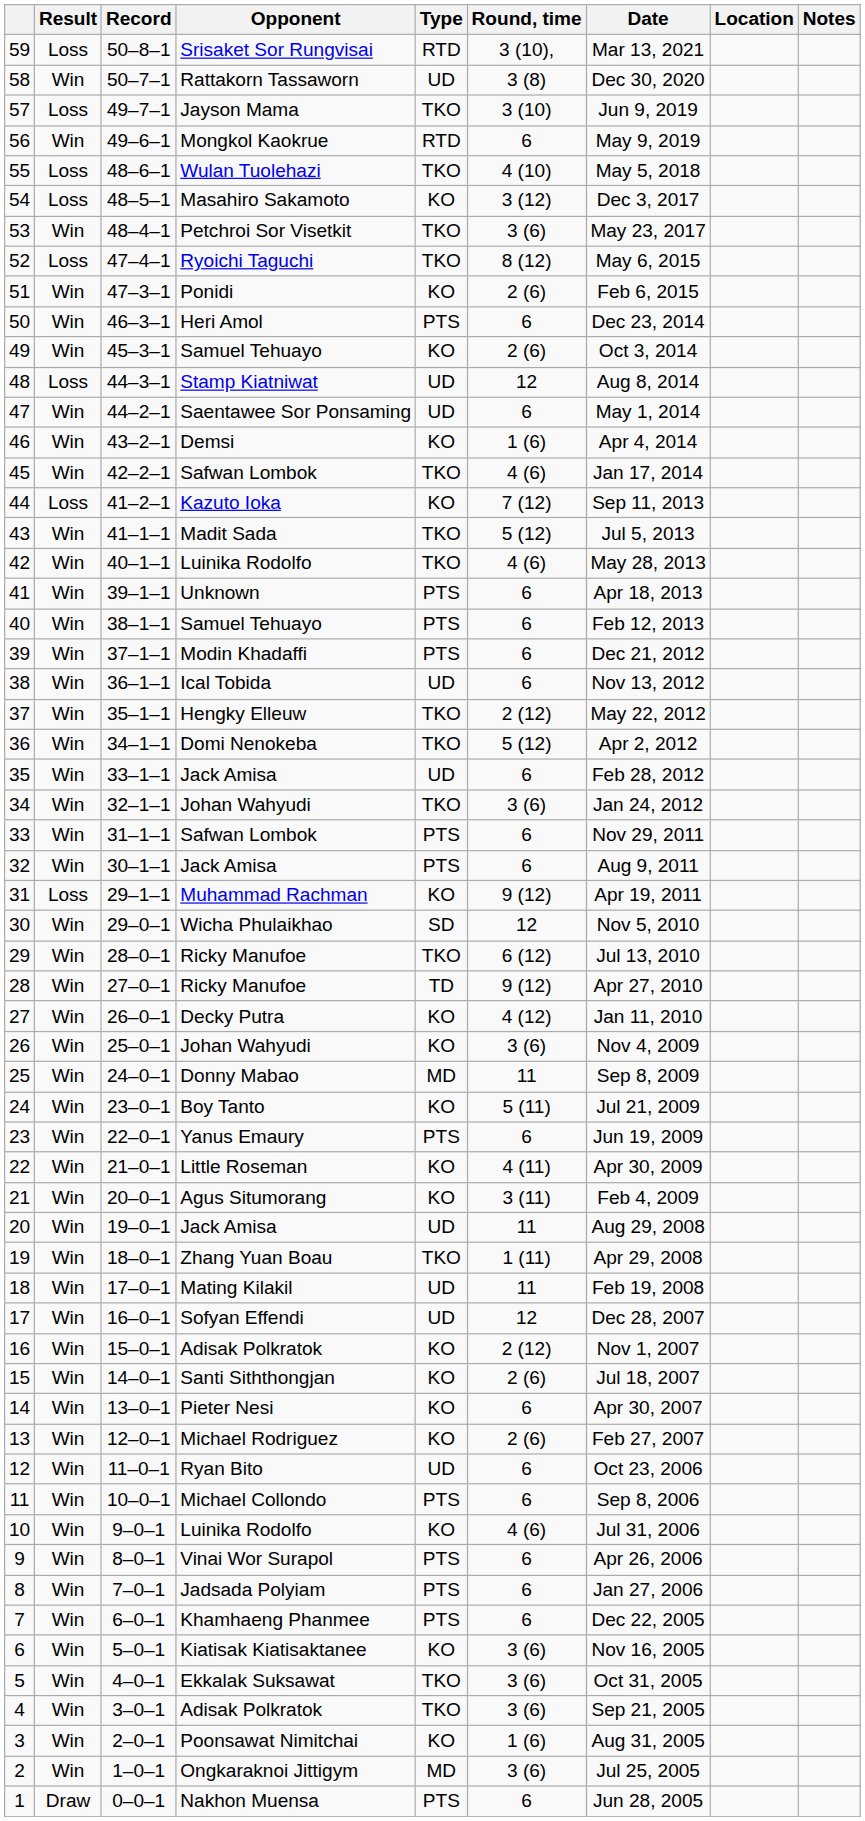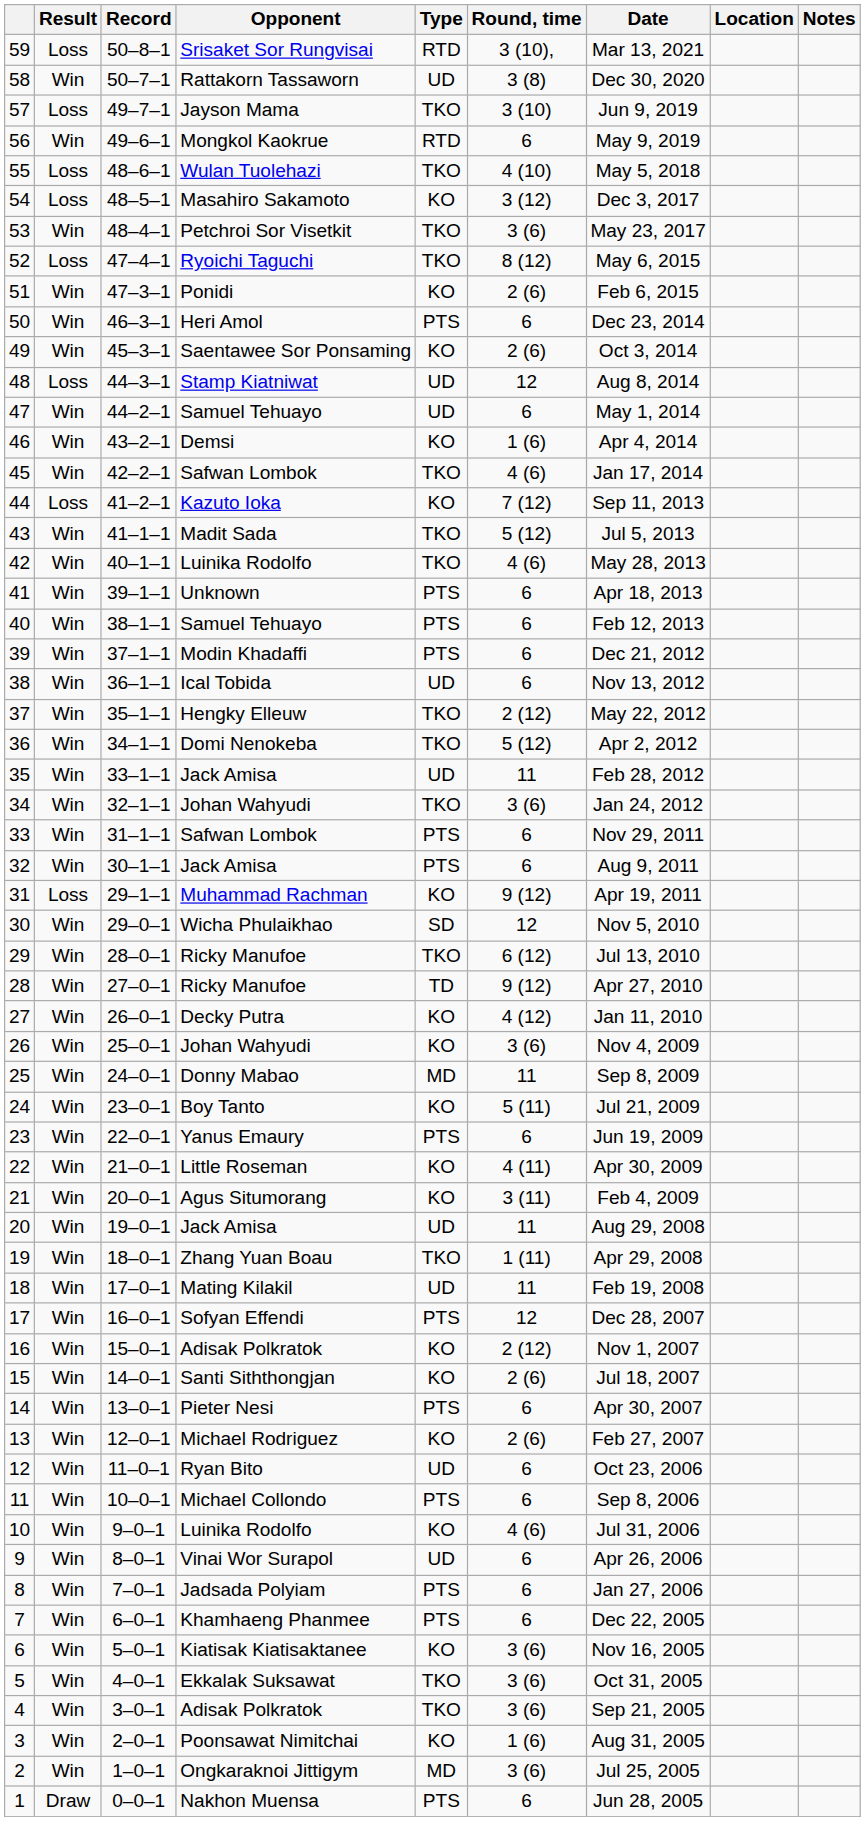 <table class="wikitable" style="text-align:center">
 <tr>
 <th></th>
 <th>Result</th>
 <th>Record</th>
 <th>Opponent</th>
 <th>Type</th>
 <th>Round, time</th>
 <th>Date</th>
 <th>Location</th>
 <th>Notes</th>
 </tr>
 <tr>
 <td>59</td>
 <td>Loss</td>
 <td>50–8–1</td>
 <td align=left><a href='#'>Srisaket Sor Rungvisai</a></td>
 <td>RTD</td>
 <td>3 (10), </td>
 <td>Mar 13, 2021</td>
 <td style="text-align:left;"></td>
 <td></td>
 </tr>
 <tr>
 <td>58</td>
 <td>Win</td>
 <td>50–7–1</td>
 <td align=left>Rattakorn Tassaworn</td>
 <td>UD</td>
 <td>3 (8)</td>
 <td>Dec 30, 2020</td>
 <td style="text-align:left;"></td>
 <td style="text-align:left;"></td>
 </tr>
 <tr>
 <td>57</td>
 <td>Loss</td>
 <td>49–7–1</td>
 <td align=left>Jayson Mama</td>
 <td>TKO</td>
 <td>3 (10)</td>
 <td>Jun 9, 2019</td>
 <td style="text-align:left;"></td>
 <td></td>
 </tr>
 <tr>
 <td>56</td>
 <td>Win</td>
 <td>49–6–1</td>
 <td align=left>Mongkol Kaokrue</td>
 <td>RTD</td>
 <td>6</td>
 <td>May 9, 2019</td>
 <td style="text-align:left;"></td>
 <td></td>
 </tr>
 <tr>
 <td>55</td>
 <td>Loss</td>
 <td>48–6–1</td>
 <td align=left><a href='#'>Wulan Tuolehazi</a></td>
 <td>TKO</td>
 <td>4 (10)</td>
 <td>May 5, 2018</td>
 <td style="text-align:left;"></td>
 <td></td>
 </tr>
 <tr>
 <td>54</td>
 <td>Loss</td>
 <td>48–5–1</td>
 <td align=left>Masahiro Sakamoto</td>
 <td>KO</td>
 <td>3 (12)</td>
 <td>Dec 3, 2017</td>
 <td style="text-align:left;"></td>
 <td style="text-align:left;"></td>
 </tr>
 <tr>
 <td>53</td>
 <td>Win</td>
 <td>48–4–1</td>
 <td align=left>Petchroi Sor Visetkit</td>
 <td>TKO</td>
 <td>3 (6)</td>
 <td>May 23, 2017</td>
 <td style="text-align:left;"></td>
 <td></td>
 </tr>
 <tr>
 <td>52</td>
 <td>Loss</td>
 <td>47–4–1</td>
 <td align=left><a href='#'>Ryoichi Taguchi</a></td>
 <td>TKO</td>
 <td>8 (12)</td>
 <td>May 6, 2015</td>
 <td style="text-align:left;"></td>
 <td style="text-align:left;"></td>
 </tr>
 <tr>
 <td>51</td>
 <td>Win</td>
 <td>47–3–1</td>
 <td align=left>Ponidi</td>
 <td>KO</td>
 <td>2 (6)</td>
 <td>Feb 6, 2015</td>
 <td style="text-align:left;"></td>
 <td></td>
 </tr>
 <tr>
 <td>50</td>
 <td>Win</td>
 <td>46–3–1</td>
 <td align=left>Heri Amol</td>
 <td>PTS</td>
 <td>6</td>
 <td>Dec 23, 2014</td>
 <td style="text-align:left;"></td>
 <td></td>
 </tr>
 <tr>
 <td>49</td>
 <td>Win</td>
 <td>45–3–1</td>
-<td align=left>Samuel Tehuayo</td>
+<td align=left>Saentawee Sor Ponsaming</td>
 <td>KO</td>
 <td>2 (6)</td>
 <td>Oct 3, 2014</td>
 <td style="text-align:left;"></td>
 <td></td>
 </tr>
 <tr>
 <td>48</td>
 <td>Loss</td>
 <td>44–3–1</td>
 <td align=left><a href='#'>Stamp Kiatniwat</a></td>
 <td>UD</td>
 <td>12</td>
 <td>Aug 8, 2014</td>
 <td style="text-align:left;"></td>
 <td style="text-align:left;"></td>
 </tr>
 <tr>
 <td>47</td>
 <td>Win</td>
 <td>44–2–1</td>
-<td align=left>Saentawee Sor Ponsaming</td>
+<td align=left>Samuel Tehuayo</td>
 <td>UD</td>
 <td>6</td>
 <td>May 1, 2014</td>
 <td style="text-align:left;"></td>
 <td></td>
 </tr>
 <tr>
 <td>46</td>
 <td>Win</td>
 <td>43–2–1</td>
 <td align=left>Demsi</td>
 <td>KO</td>
 <td>1 (6)</td>
 <td>Apr 4, 2014</td>
 <td style="text-align:left;"></td>
 <td></td>
 </tr>
 <tr>
 <td>45</td>
 <td>Win</td>
 <td>42–2–1</td>
 <td align=left>Safwan Lombok</td>
 <td>TKO</td>
 <td>4 (6)</td>
 <td>Jan 17, 2014</td>
 <td style="text-align:left;"></td>
 <td></td>
 </tr>
 <tr>
 <td>44</td>
 <td>Loss</td>
 <td>41–2–1</td>
 <td align=left><a href='#'>Kazuto Ioka</a></td>
 <td>KO</td>
 <td>7 (12)</td>
 <td>Sep 11, 2013</td>
 <td style="text-align:left;"></td>
 <td style="text-align:left;"></td>
 </tr>
 <tr>
 <td>43</td>
 <td>Win</td>
 <td>41–1–1</td>
 <td align=left>Madit Sada</td>
 <td>TKO</td>
 <td>5 (12)</td>
 <td>Jul 5, 2013</td>
 <td style="text-align:left;"></td>
 <td style="text-align:left;"></td>
 </tr>
 <tr>
 <td>42</td>
 <td>Win</td>
 <td>40–1–1</td>
 <td align=left>Luinika Rodolfo</td>
 <td>TKO</td>
 <td>4 (6)</td>
 <td>May 28, 2013</td>
 <td style="text-align:left;"></td>
 <td></td>
 </tr>
 <tr>
 <td>41</td>
 <td>Win</td>
 <td>39–1–1</td>
 <td align=left>Unknown</td>
 <td>PTS</td>
 <td>6</td>
 <td>Apr 18, 2013</td>
 <td style="text-align:left;"></td>
 <td></td>
 </tr>
 <tr>
 <td>40</td>
 <td>Win</td>
 <td>38–1–1</td>
 <td align=left>Samuel Tehuayo</td>
 <td>PTS</td>
 <td>6</td>
 <td>Feb 12, 2013</td>
 <td style="text-align:left;"></td>
 <td></td>
 </tr>
 <tr>
 <td>39</td>
 <td>Win</td>
 <td>37–1–1</td>
 <td align=left>Modin Khadaffi</td>
 <td>PTS</td>
 <td>6</td>
 <td>Dec 21, 2012</td>
 <td style="text-align:left;"></td>
 <td></td>
 </tr>
 <tr>
 <td>38</td>
 <td>Win</td>
 <td>36–1–1</td>
 <td align=left>Ical Tobida</td>
 <td>UD</td>
 <td>6</td>
 <td>Nov 13, 2012</td>
 <td style="text-align:left;"></td>
 <td></td>
 </tr>
 <tr>
 <td>37</td>
 <td>Win</td>
 <td>35–1–1</td>
 <td align=left>Hengky Elleuw</td>
 <td>TKO</td>
 <td>2 (12)</td>
 <td>May 22, 2012</td>
 <td style="text-align:left;"></td>
 <td style="text-align:left;"></td>
 </tr>
 <tr>
 <td>36</td>
 <td>Win</td>
 <td>34–1–1</td>
 <td align=left>Domi Nenokeba</td>
 <td>TKO</td>
 <td>5 (12)</td>
 <td>Apr 2, 2012</td>
 <td style="text-align:left;"></td>
 <td style="text-align:left;"></td>
 </tr>
 <tr>
 <td>35</td>
 <td>Win</td>
 <td>33–1–1</td>
 <td align=left>Jack Amisa</td>
 <td>UD</td>
-<td>6</td>
+<td>11</td>
 <td>Feb 28, 2012</td>
 <td style="text-align:left;"></td>
 <td></td>
 </tr>
 <tr>
 <td>34</td>
 <td>Win</td>
 <td>32–1–1</td>
 <td align=left>Johan Wahyudi</td>
 <td>TKO</td>
 <td>3 (6)</td>
 <td>Jan 24, 2012</td>
 <td style="text-align:left;"></td>
 <td></td>
 </tr>
 <tr>
 <td>33</td>
 <td>Win</td>
 <td>31–1–1</td>
 <td align=left>Safwan Lombok</td>
 <td>PTS</td>
 <td>6</td>
 <td>Nov 29, 2011</td>
 <td style="text-align:left;"></td>
 <td></td>
 </tr>
 <tr>
 <td>32</td>
 <td>Win</td>
 <td>30–1–1</td>
 <td align=left>Jack Amisa</td>
 <td>PTS</td>
 <td>6</td>
 <td>Aug 9, 2011</td>
 <td style="text-align:left;"></td>
 <td></td>
 </tr>
 <tr>
 <td>31</td>
 <td>Loss</td>
 <td>29–1–1</td>
 <td align=left><a href='#'>Muhammad Rachman</a></td>
 <td>KO</td>
 <td>9 (12)</td>
 <td>Apr 19, 2011</td>
 <td style="text-align:left;"></td>
 <td style="text-align:left;"></td>
 </tr>
 <tr>
 <td>30</td>
 <td>Win</td>
 <td>29–0–1</td>
 <td align=left>Wicha Phulaikhao</td>
 <td>SD</td>
 <td>12</td>
 <td>Nov 5, 2010</td>
 <td style="text-align:left;"></td>
 <td style="text-align:left;"></td>
 </tr>
 <tr>
 <td>29</td>
 <td>Win</td>
 <td>28–0–1</td>
 <td align=left>Ricky Manufoe</td>
 <td>TKO</td>
 <td>6 (12)</td>
 <td>Jul 13, 2010</td>
 <td style="text-align:left;"></td>
 <td style="text-align:left;"></td>
 </tr>
 <tr>
 <td>28</td>
 <td>Win</td>
 <td>27–0–1</td>
 <td align=left>Ricky Manufoe</td>
 <td>TD</td>
 <td>9 (12)</td>
 <td>Apr 27, 2010</td>
 <td style="text-align:left;"></td>
 <td style="text-align:left;"></td>
 </tr>
 <tr>
 <td>27</td>
 <td>Win</td>
 <td>26–0–1</td>
 <td align=left>Decky Putra</td>
 <td>KO</td>
 <td>4 (12)</td>
 <td>Jan 11, 2010</td>
 <td style="text-align:left;"></td>
 <td></td>
 </tr>
 <tr>
 <td>26</td>
 <td>Win</td>
 <td>25–0–1</td>
 <td align=left>Johan Wahyudi</td>
 <td>KO</td>
 <td>3 (6)</td>
 <td>Nov 4, 2009</td>
 <td style="text-align:left;"></td>
 <td></td>
 </tr>
 <tr>
 <td>25</td>
 <td>Win</td>
 <td>24–0–1</td>
 <td align=left>Donny Mabao</td>
 <td>MD</td>
 <td>11</td>
 <td>Sep 8, 2009</td>
 <td style="text-align:left;"></td>
 <td style="text-align:left;"></td>
 </tr>
 <tr>
 <td>24</td>
 <td>Win</td>
 <td>23–0–1</td>
 <td align=left>Boy Tanto</td>
 <td>KO</td>
 <td>5 (11)</td>
 <td>Jul 21, 2009</td>
 <td style="text-align:left;"></td>
 <td style="text-align:left;"></td>
 </tr>
 <tr>
 <td>23</td>
 <td>Win</td>
 <td>22–0–1</td>
 <td align=left>Yanus Emaury</td>
 <td>PTS</td>
 <td>6</td>
 <td>Jun 19, 2009</td>
 <td style="text-align:left;"></td>
 <td></td>
 </tr>
 <tr>
 <td>22</td>
 <td>Win</td>
 <td>21–0–1</td>
 <td align=left>Little Roseman</td>
 <td>KO</td>
 <td>4 (11)</td>
 <td>Apr 30, 2009</td>
 <td style="text-align:left;"></td>
 <td style="text-align:left;"></td>
 </tr>
 <tr>
 <td>21</td>
 <td>Win</td>
 <td>20–0–1</td>
 <td align=left>Agus Situmorang</td>
 <td>KO</td>
 <td>3 (11)</td>
 <td>Feb 4, 2009</td>
 <td style="text-align:left;"></td>
 <td style="text-align:left;"></td>
 </tr>
 <tr>
 <td>20</td>
 <td>Win</td>
 <td>19–0–1</td>
 <td align=left>Jack Amisa</td>
 <td>UD</td>
 <td>11</td>
 <td>Aug 29, 2008</td>
 <td style="text-align:left;"></td>
 <td style="text-align:left;"></td>
 </tr>
 <tr>
 <td>19</td>
 <td>Win</td>
 <td>18–0–1</td>
 <td align=left>Zhang Yuan Boau</td>
 <td>TKO</td>
 <td>1 (11)</td>
 <td>Apr 29, 2008</td>
 <td style="text-align:left;"></td>
 <td style="text-align:left;"></td>
 </tr>
 <tr>
 <td>18</td>
 <td>Win</td>
 <td>17–0–1</td>
 <td align=left>Mating Kilakil</td>
 <td>UD</td>
 <td>11</td>
 <td>Feb 19, 2008</td>
 <td style="text-align:left;"></td>
 <td style="text-align:left;"></td>
 </tr>
 <tr>
 <td>17</td>
 <td>Win</td>
 <td>16–0–1</td>
 <td align=left>Sofyan Effendi</td>
-<td>UD</td>
+<td>PTS</td>
 <td>12</td>
 <td>Dec 28, 2007</td>
 <td style="text-align:left;"></td>
 <td style="text-align:left;"></td>
 </tr>
 <tr>
 <td>16</td>
 <td>Win</td>
 <td>15–0–1</td>
 <td align=left>Adisak Polkratok</td>
 <td>KO</td>
 <td>2 (12)</td>
 <td>Nov 1, 2007</td>
 <td style="text-align:left;"></td>
 <td style="text-align:left;"></td>
 </tr>
 <tr>
 <td>15</td>
 <td>Win</td>
 <td>14–0–1</td>
 <td align=left>Santi Siththongjan</td>
 <td>KO</td>
 <td>2 (6)</td>
 <td>Jul 18, 2007</td>
 <td style="text-align:left;"></td>
 <td></td>
 </tr>
 <tr>
 <td>14</td>
 <td>Win</td>
 <td>13–0–1</td>
 <td align=left>Pieter Nesi</td>
-<td>KO</td>
+<td>PTS</td>
 <td>6</td>
 <td>Apr 30, 2007</td>
 <td style="text-align:left;"></td>
 <td></td>
 </tr>
 <tr>
 <td>13</td>
 <td>Win</td>
 <td>12–0–1</td>
 <td align=left>Michael Rodriguez</td>
 <td>KO</td>
 <td>2 (6)</td>
 <td>Feb 27, 2007</td>
 <td style="text-align:left;"></td>
 <td></td>
 </tr>
 <tr>
 <td>12</td>
 <td>Win</td>
 <td>11–0–1</td>
 <td align=left>Ryan Bito</td>
 <td>UD</td>
 <td>6</td>
 <td>Oct 23, 2006</td>
 <td style="text-align:left;"></td>
 <td></td>
 </tr>
 <tr>
 <td>11</td>
 <td>Win</td>
 <td>10–0–1</td>
 <td align=left>Michael Collondo</td>
 <td>PTS</td>
 <td>6</td>
 <td>Sep 8, 2006</td>
 <td style="text-align:left;"></td>
 <td></td>
 </tr>
 <tr>
 <td>10</td>
 <td>Win</td>
 <td>9–0–1</td>
 <td align=left>Luinika Rodolfo</td>
 <td>KO</td>
 <td>4 (6)</td>
 <td>Jul 31, 2006</td>
 <td style="text-align:left;"></td>
 <td></td>
 </tr>
 <tr>
 <td>9</td>
 <td>Win</td>
 <td>8–0–1</td>
 <td align=left>Vinai Wor Surapol</td>
-<td>PTS</td>
+<td>UD</td>
 <td>6</td>
 <td>Apr 26, 2006</td>
 <td style="text-align:left;"></td>
 <td></td>
 </tr>
 <tr>
 <td>8</td>
 <td>Win</td>
 <td>7–0–1</td>
 <td align=left>Jadsada Polyiam</td>
 <td>PTS</td>
 <td>6</td>
 <td>Jan 27, 2006</td>
 <td style="text-align:left;"></td>
 <td></td>
 </tr>
 <tr>
 <td>7</td>
 <td>Win</td>
 <td>6–0–1</td>
 <td align=left>Khamhaeng Phanmee</td>
 <td>PTS</td>
 <td>6</td>
 <td>Dec 22, 2005</td>
 <td style="text-align:left;"></td>
 <td></td>
 </tr>
 <tr>
 <td>6</td>
 <td>Win</td>
 <td>5–0–1</td>
 <td align=left>Kiatisak Kiatisaktanee</td>
 <td>KO</td>
 <td>3 (6)</td>
 <td>Nov 16, 2005</td>
 <td style="text-align:left;"></td>
 <td></td>
 </tr>
 <tr>
 <td>5</td>
 <td>Win</td>
 <td>4–0–1</td>
 <td align=left>Ekkalak Suksawat</td>
 <td>TKO</td>
 <td>3 (6)</td>
 <td>Oct 31, 2005</td>
 <td style="text-align:left;"></td>
 <td></td>
 </tr>
 <tr>
 <td>4</td>
 <td>Win</td>
 <td>3–0–1</td>
 <td align=left>Adisak Polkratok</td>
 <td>TKO</td>
 <td>3 (6)</td>
 <td>Sep 21, 2005</td>
 <td style="text-align:left;"></td>
 <td></td>
 </tr>
 <tr>
 <td>3</td>
 <td>Win</td>
 <td>2–0–1</td>
 <td align=left>Poonsawat Nimitchai</td>
 <td>KO</td>
 <td>1 (6)</td>
 <td>Aug 31, 2005</td>
 <td style="text-align:left;"></td>
 <td></td>
 </tr>
 <tr>
 <td>2</td>
 <td>Win</td>
 <td>1–0–1</td>
 <td align=left>Ongkaraknoi Jittigym</td>
 <td>MD</td>
 <td>3 (6)</td>
 <td>Jul 25, 2005</td>
 <td style="text-align:left;"></td>
 <td></td>
 </tr>
 <tr>
 <td>1</td>
 <td>Draw</td>
 <td>0–0–1</td>
 <td align=left>Nakhon Muensa</td>
 <td>PTS</td>
 <td>6</td>
 <td>Jun 28, 2005</td>
 <td style="text-align:left;"></td>
 <td></td>
 </tr>
 <tr>
 </tr>
 </table>
